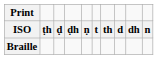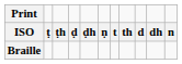 <table class="wikitable">
 <tr>
 <th>Print</th>
 <td></td>
 <td></td>
 <td></td>
 <td></td>
 <td></td>
 <td></td>
 <td></td>
 <td></td>
 <td></td>
+<td></td>
 </tr>
 <tr>
 <th>ISO</th>
+<th>ṭ</th>
 <th>ṭh</th>
 <th>ḍ</th>
 <th>ḍh</th>
 <th>ṇ</th>
 <th>t</th>
 <th>th</th>
 <th>d</th>
 <th>dh</th>
 <th>n</th>
 </tr>
 <tr>
 <th>Braille</th>
 <td></td>
 <td></td>
 <td></td>
 <td></td>
 <td></td>
 <td></td>
 <td></td>
 <td></td>
 <td></td>
+<td></td>
 </tr>
 </table>
